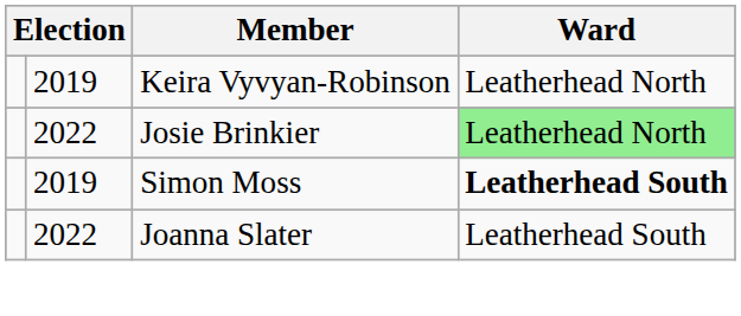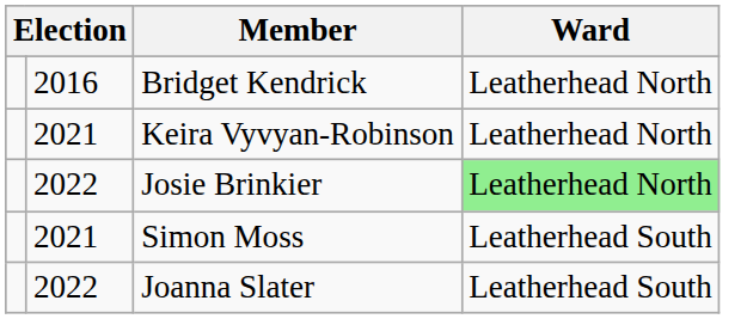 <table class="wikitable">
 <tr>
 <th colspan="2">Election</th>
 <th>Member</th>
 <th>Ward</th>
 </tr>
 <tr>
 <td style="background-color: "></td>
-<td>2019</td>
+<td>2016</td>
+<td>Bridget Kendrick</td>
+<td>Leatherhead North</td>
+</tr>
+<tr>
+<td style="background-color: "></td>
+<td>2021</td>
 <td>Keira Vyvyan-Robinson</td>
 <td>Leatherhead North</td>
 </tr>
 <tr>
 <td style="background-color: "></td>
 <td>2022</td>
 <td>Josie Brinkier</td>
 <td style="background: lightgreen;">Leatherhead North</td>
 </tr>
 <tr>
 <td style="background-color: "></td>
-<td>2019</td>
+<td>2021</td>
 <td>Simon Moss</td>
-<td><strong>Leatherhead South</strong></td>
+<td>Leatherhead South</td>
 </tr>
 <tr>
 <td style="background-color: "></td>
 <td>2022</td>
 <td>Joanna Slater</td>
 <td>Leatherhead South</td>
 </tr>
 </table>
